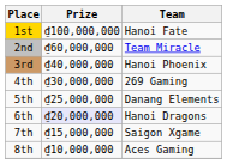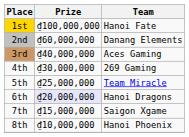 <table class="wikitable" style="text-align:left">
 <tr>
 <th style="text-align:center"><strong>Place</strong></th>
 <th style="text-align:center"><strong>Prize</strong></th>
 <th style="text-align:center"><strong>Team</strong></th>
 </tr>
 <tr>
 <td style="text-align:center; background:gold;">1st</td>
 <td>₫100,000,000</td>
 <td>Hanoi Fate</td>
 </tr>
 <tr>
 <td style="text-align:center; background:silver;">2nd</td>
 <td>₫60,000,000</td>
-<td><a href='#'>Team Miracle</a></td>
+<td>Danang Elements</td>
 </tr>
 <tr>
 <td style="text-align:center; background:#c96;">3rd</td>
 <td>₫40,000,000</td>
-<td>Hanoi Phoenix</td>
+<td>Aces Gaming⁠</td>
 </tr>
 <tr>
 <td style="text-align:center">4th</td>
 <td>₫30,000,000</td>
 <td>269 Gaming</td>
 </tr>
 <tr>
 <td style="text-align:center">5th</td>
 <td>₫25,000,000</td>
-<td>Danang Elements</td>
+<td><a href='#'>Team Miracle</a></td>
 </tr>
 <tr>
 <td style="text-align:center">6th</td>
 <td style="background: lavender;">₫20,000,000</td>
 <td>Hanoi Dragons</td>
 </tr>
 <tr>
 <td style="text-align:center">7th</td>
 <td>₫15,000,000</td>
 <td>Saigon Xgame⁠</td>
 </tr>
 <tr>
 <td style="text-align:center">8th</td>
 <td>₫10,000,000</td>
-<td>Aces Gaming⁠</td>
+<td>Hanoi Phoenix</td>
 </tr>
 <tr>
 </tr>
 </table>
